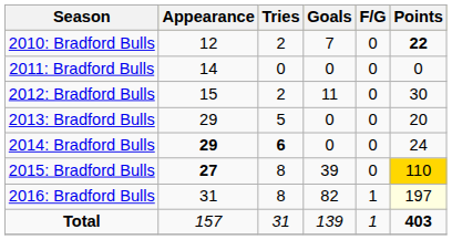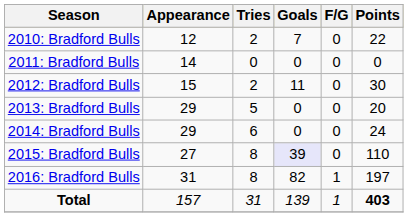 <table class="wikitable" style="text-align:center;">
 <tr bgcolor=#bdb76b>
 <th>Season</th>
 <th>Appearance</th>
 <th>Tries</th>
 <th>Goals</th>
 <th>F/G</th>
 <th>Points</th>
 </tr>
 <tr>
 <td><a href='#'>2010: Bradford Bulls</a></td>
 <td>12</td>
 <td>2</td>
 <td>7</td>
 <td>0</td>
-<td><strong>22</strong></td>
+<td>22</td>
 </tr>
 <tr>
 <td><a href='#'>2011: Bradford Bulls</a></td>
 <td>14</td>
 <td>0</td>
 <td>0</td>
 <td>0</td>
 <td>0</td>
 </tr>
 <tr>
 <td><a href='#'>2012: Bradford Bulls</a></td>
 <td>15</td>
 <td>2</td>
 <td>11</td>
 <td>0</td>
 <td>30</td>
 </tr>
 <tr>
 <td><a href='#'>2013: Bradford Bulls</a></td>
 <td>29</td>
 <td>5</td>
 <td>0</td>
 <td>0</td>
 <td>20</td>
 </tr>
 <tr>
 <td><a href='#'>2014: Bradford Bulls</a></td>
-<td><strong>29</strong></td>
-<td><strong>6</strong></td>
+<td>29</td>
+<td>6</td>
 <td>0</td>
 <td>0</td>
 <td>24</td>
 </tr>
 <tr>
 <td><a href='#'>2015: Bradford Bulls</a></td>
-<td><strong>27</strong></td>
+<td>27</td>
 <td>8</td>
-<td>39</td>
+<td style="background: lavender;">39</td>
 <td>0</td>
-<td style="background: gold;">110</td>
+<td>110</td>
 </tr>
 <tr>
 <td><a href='#'>2016: Bradford Bulls</a></td>
 <td>31</td>
 <td>8</td>
 <td>82</td>
 <td>1</td>
-<td style="background: lightyellow;">197</td>
+<td>197</td>
 </tr>
 <tr>
 <td><strong>Total</strong></td>
 <td><em>157</em></td>
 <td><em>31</em></td>
 <td><em>139</em></td>
 <td><em>1</em></td>
 <td><strong>403</strong></td>
 </tr>
 <tr>
 </tr>
 </table>
